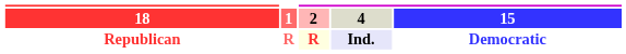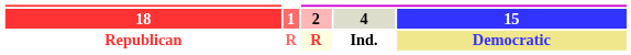 <table style="width:50%">
 <tr>
 <td scope="row" colspan="8" style="text-align:center"></td>
 </tr>
 <tr>
 <td scope="row" style="height=5px; background:#F33; width:45%"></td>
 <td></td>
 <td colspan=3 style="height=5px; background:#D000CC; width:52.5%"></td>
 </tr>
 <tr>
 <td scope="row" style="background:#F33; width:45%; text-align:center; color:white"><strong>18</strong></td>
 <td scope="row" style="background:#FF6A6A; width:2.5%; text-align:center; color:white"><strong>1</strong></td>
 <td style= "background:#FFB6B6;width:5%; text-align:center; color:black"><strong>2</strong></td>
 <td style= "background:#DDDDCC; width:10%; text-align:center; color:black"><strong>4</strong></td>
 <td style= "background:#33F; width:37.5%; text-align:center; color:white"><strong>15</strong></td>
 </tr>
 <tr>
 <td scope="row" style="text-align:center; color:#F33"><strong>Republican</strong></td>
 <td scope="row" style="text-align:center; color:#FF6A6A"><strong>R</strong></td>
 <td scope="row" style="background: lightyellow; text-align:center; color:#F33"><strong>R</strong></td>
-<td scope="row" style="background: lavender; text-align:center; color:Black"><strong>Ind.</strong></td>
-<td style="text-align:center; color:#33F"><strong>Democratic</strong></td>
+<td scope="row" style="text-align:center; color:Black"><strong>Ind.</strong></td>
+<td style="background: khaki; text-align:center; color:#33F"><strong>Democratic</strong></td>
 </tr>
 </table>
